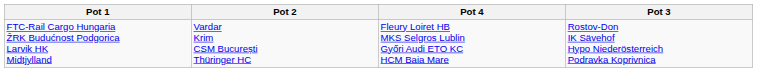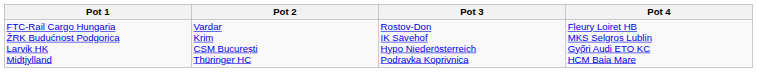 <table class="wikitable">
 <tr>
 <th width=15%>Pot 1</th>
 <th width=15%>Pot 2</th>
+<th width=15%>Pot 3</th>
 <th width=15%>Pot 4</th>
-<th width=15%>Pot 3</th>
 </tr>
 <tr>
 <td valign="top"> <a href='#'>FTC-Rail Cargo Hungaria</a><br> <a href='#'>ŽRK Budućnost Podgorica</a><br> <a href='#'>Larvik HK</a><br> <a href='#'>Midtjylland</a></td>
 <td valign="top"> <a href='#'>Vardar</a><br> <a href='#'>Krim</a><br> <a href='#'>CSM București</a><br> <a href='#'>Thüringer HC</a></td>
+<td valign="top"> <a href='#'>Rostov-Don</a><br> <a href='#'>IK Sävehof</a><br> <a href='#'>Hypo Niederösterreich</a><br> <a href='#'>Podravka Koprivnica</a></td>
 <td valign="top"> <a href='#'>Fleury Loiret HB</a><br> <a href='#'>MKS Selgros Lublin</a><br> <a href='#'>Győri Audi ETO KC</a><br> <a href='#'>HCM Baia Mare</a></td>
-<td valign="top"> <a href='#'>Rostov-Don</a><br> <a href='#'>IK Sävehof</a><br> <a href='#'>Hypo Niederösterreich</a><br> <a href='#'>Podravka Koprivnica</a></td>
 </tr>
 </table>
